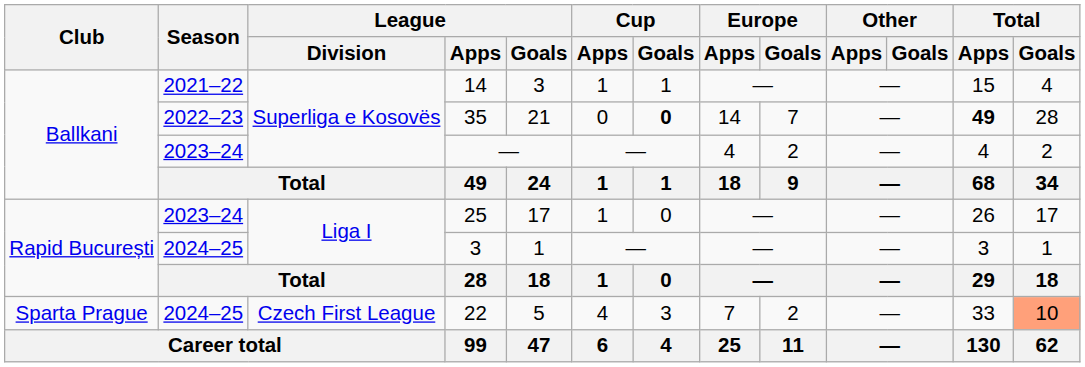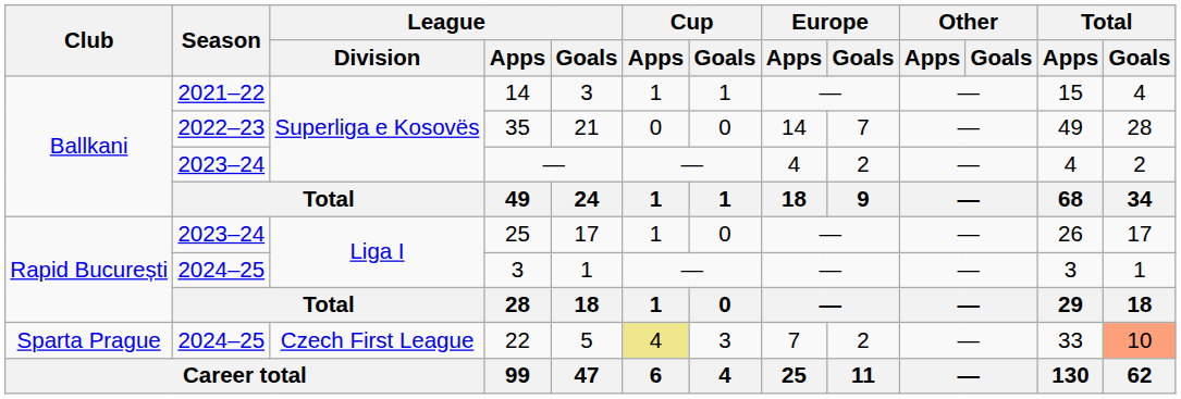 <table class="wikitable" style="text-align: center">
 <tr>
 <th rowspan="2">Club</th>
 <th rowspan="2">Season</th>
 <th colspan="3">League</th>
 <th colspan="2">Cup</th>
 <th colspan="2">Europe</th>
 <th colspan="2">Other</th>
 <th colspan="2">Total</th>
 </tr>
 <tr>
 <th>Division</th>
 <th>Apps</th>
 <th>Goals</th>
 <th>Apps</th>
 <th>Goals</th>
 <th>Apps</th>
 <th>Goals</th>
 <th>Apps</th>
 <th>Goals</th>
 <th>Apps</th>
 <th>Goals</th>
 </tr>
 <tr>
 <td rowspan="4"><a href='#'>Ballkani</a></td>
 <td><a href='#'>2021–22</a></td>
 <td rowspan="3"><a href='#'>Superliga e Kosovës</a></td>
 <td>14</td>
 <td>3</td>
 <td>1</td>
 <td>1</td>
 <td colspan="2">—</td>
 <td colspan="2">—</td>
 <td>15</td>
 <td>4</td>
 </tr>
 <tr>
 <td><a href='#'>2022–23</a></td>
 <td>35</td>
 <td>21</td>
 <td>0</td>
-<td><strong>0</strong></td>
+<td>0</td>
 <td>14</td>
 <td>7</td>
 <td colspan="2">—</td>
-<td><strong>49</strong></td>
+<td>49</td>
 <td>28</td>
 </tr>
 <tr>
 <td><a href='#'>2023–24</a></td>
 <td colspan="2">—</td>
 <td colspan="2">—</td>
 <td>4</td>
 <td>2</td>
 <td colspan="2">—</td>
 <td>4</td>
 <td>2</td>
 </tr>
 <tr>
 <th colspan="2">Total</th>
 <th>49</th>
 <th>24</th>
 <th>1</th>
 <th>1</th>
 <th>18</th>
 <th>9</th>
 <th colspan="2">—</th>
 <th>68</th>
 <th>34</th>
 </tr>
 <tr>
 <td rowspan="3"><a href='#'>Rapid București</a></td>
 <td><a href='#'>2023–24</a></td>
 <td rowspan="2"><a href='#'>Liga I</a></td>
 <td>25</td>
 <td>17</td>
 <td>1</td>
 <td>0</td>
 <td colspan="2">—</td>
 <td colspan="2">—</td>
 <td>26</td>
 <td>17</td>
 </tr>
 <tr>
 <td><a href='#'>2024–25</a></td>
 <td>3</td>
 <td>1</td>
 <td colspan="2">—</td>
 <td colspan="2">—</td>
 <td colspan="2">—</td>
 <td>3</td>
 <td>1</td>
 </tr>
 <tr>
 <th colspan="2">Total</th>
 <th>28</th>
 <th>18</th>
 <th>1</th>
 <th>0</th>
 <th colspan="2">—</th>
 <th colspan="2">—</th>
 <th>29</th>
 <th>18</th>
 </tr>
 <tr>
 <td><a href='#'>Sparta Prague</a></td>
 <td><a href='#'>2024–25</a></td>
 <td><a href='#'>Czech First League</a></td>
 <td>22</td>
 <td>5</td>
-<td>4</td>
+<td style="background: khaki;">4</td>
 <td>3</td>
 <td>7</td>
 <td>2</td>
 <td colspan="2">—</td>
 <td>33</td>
 <td style="background: lightsalmon;">10</td>
 </tr>
 <tr>
 <th colspan="3">Career total</th>
 <th>99</th>
 <th>47</th>
 <th>6</th>
 <th>4</th>
 <th>25</th>
 <th>11</th>
 <th colspan="2">—</th>
 <th>130</th>
 <th>62</th>
 </tr>
 </table>
